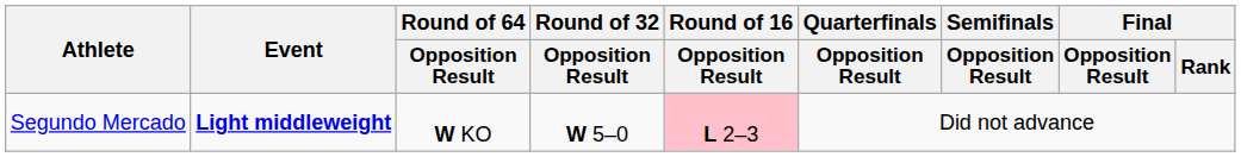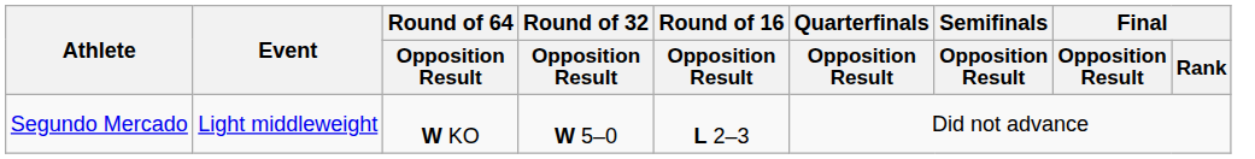 <table class="wikitable" style="font-size:90%">
 <tr>
 <th rowspan="2">Athlete</th>
 <th rowspan="2">Event</th>
 <th>Round of 64</th>
 <th>Round of 32</th>
 <th>Round of 16</th>
 <th>Quarterfinals</th>
 <th>Semifinals</th>
 <th colspan=2>Final</th>
 </tr>
 <tr style="font-size:95%">
 <th>Opposition<br>Result</th>
 <th>Opposition<br>Result</th>
 <th>Opposition<br>Result</th>
 <th>Opposition<br>Result</th>
 <th>Opposition<br>Result</th>
 <th>Opposition<br>Result</th>
 <th>Rank</th>
 </tr>
 <tr align=center>
 <td align=left><a href='#'>Segundo Mercado</a></td>
-<td align=left><strong><a href='#'>Light middleweight</a></strong></td>
+<td align=left><a href='#'>Light middleweight</a></td>
 <td><br><strong>W</strong> KO</td>
 <td><br><strong>W</strong> 5–0</td>
-<td style="background: pink;"><br><strong>L</strong> 2–3</td>
+<td><br><strong>L</strong> 2–3</td>
 <td colspan=4>Did not advance</td>
 </tr>
 </table>
